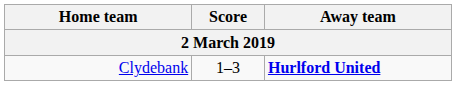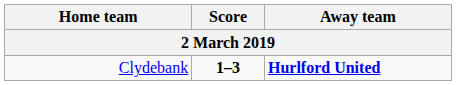 <table class="wikitable" style="border-collapse: collapse;">
 <tr>
 <th align="right" width="180">Home team</th>
 <th align="center" width="65">Score</th>
 <th align="left" width="180">Away team</th>
 </tr>
 <tr>
 <th colspan="3" align="center">2 March 2019</th>
 </tr>
 <tr>
 <td style="text-align:right;"><a href='#'>Clydebank</a></td>
-<td style="text-align:center;">1–3</td>
+<td style="text-align:center;"><strong>1–3</strong></td>
 <td style="text-align:left;"><strong><a href='#'>Hurlford United</a></strong></td>
 </tr>
 </table>
